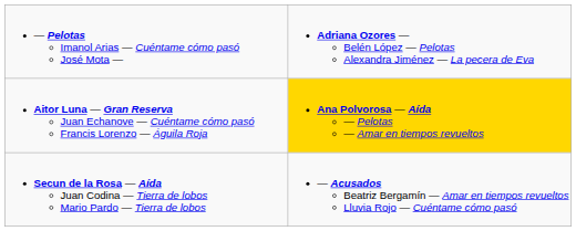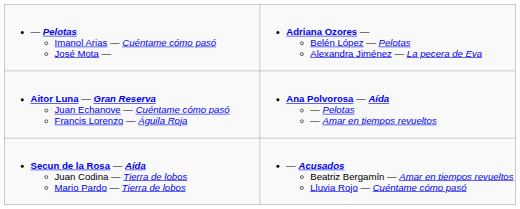 <table class=wikitable>
 <tr>
 <td style="vertical-align:top;" width="50%"><br><ul><li><strong></strong> — <strong><em><a href='#'>Pelotas</a></em></strong><ul><li><a href='#'>Imanol Arias</a> — <em><a href='#'>Cuéntame cómo pasó</a></em></li><li><a href='#'>José Mota</a> — <em></em></li></ul></li></ul></td>
 <td style="vertical-align:top;" width="50%"><br><ul><li><strong><a href='#'>Adriana Ozores</a></strong> — <strong><em></em></strong><ul><li><a href='#'>Belén López</a> — <em><a href='#'>Pelotas</a></em></li><li><a href='#'>Alexandra Jiménez</a> — <em><a href='#'>La pecera de Eva</a></em></li></ul></li></ul></td>
 </tr>
 <tr>
 <td style="vertical-align:top;" width="50%"><br><ul><li><strong><a href='#'>Aitor Luna</a></strong> — <strong><em><a href='#'>Gran Reserva</a></em></strong><ul><li><a href='#'>Juan Echanove</a> — <em><a href='#'>Cuéntame cómo pasó</a></em></li><li><a href='#'>Francis Lorenzo</a> — <em><a href='#'>Águila Roja</a></em></li></ul></li></ul></td>
-<td style="background: gold; vertical-align:top;" width="50%"><br><ul><li><strong><a href='#'>Ana Polvorosa</a></strong> — <strong><em><a href='#'>Aída</a></em></strong><ul><li> — <em><a href='#'>Pelotas</a></em></li><li> — <em><a href='#'>Amar en tiempos revueltos</a></em></li></ul></li></ul></td>
+<td style="vertical-align:top;" width="50%"><br><ul><li><strong><a href='#'>Ana Polvorosa</a></strong> — <strong><em><a href='#'>Aída</a></em></strong><ul><li> — <em><a href='#'>Pelotas</a></em></li><li> — <em><a href='#'>Amar en tiempos revueltos</a></em></li></ul></li></ul></td>
 </tr>
 <tr>
 <td style="vertical-align:top;" width="50%"><br><ul><li><strong><a href='#'>Secun de la Rosa</a></strong> — <strong><em><a href='#'>Aída</a></em></strong><ul><li>Juan Codina — <em><a href='#'>Tierra de lobos</a></em></li><li><a href='#'>Mario Pardo</a> — <em><a href='#'>Tierra de lobos</a></em></li></ul></li></ul></td>
 <td style="vertical-align:top;" width="50%"><br><ul><li><strong></strong> — <strong><em><a href='#'>Acusados</a></em></strong><ul><li>Beatriz Bergamín — <em><a href='#'>Amar en tiempos revueltos</a></em></li><li><a href='#'>Lluvia Rojo</a> — <em><a href='#'>Cuéntame cómo pasó</a></em></li></ul></li></ul></td>
 </tr>
 </table>
